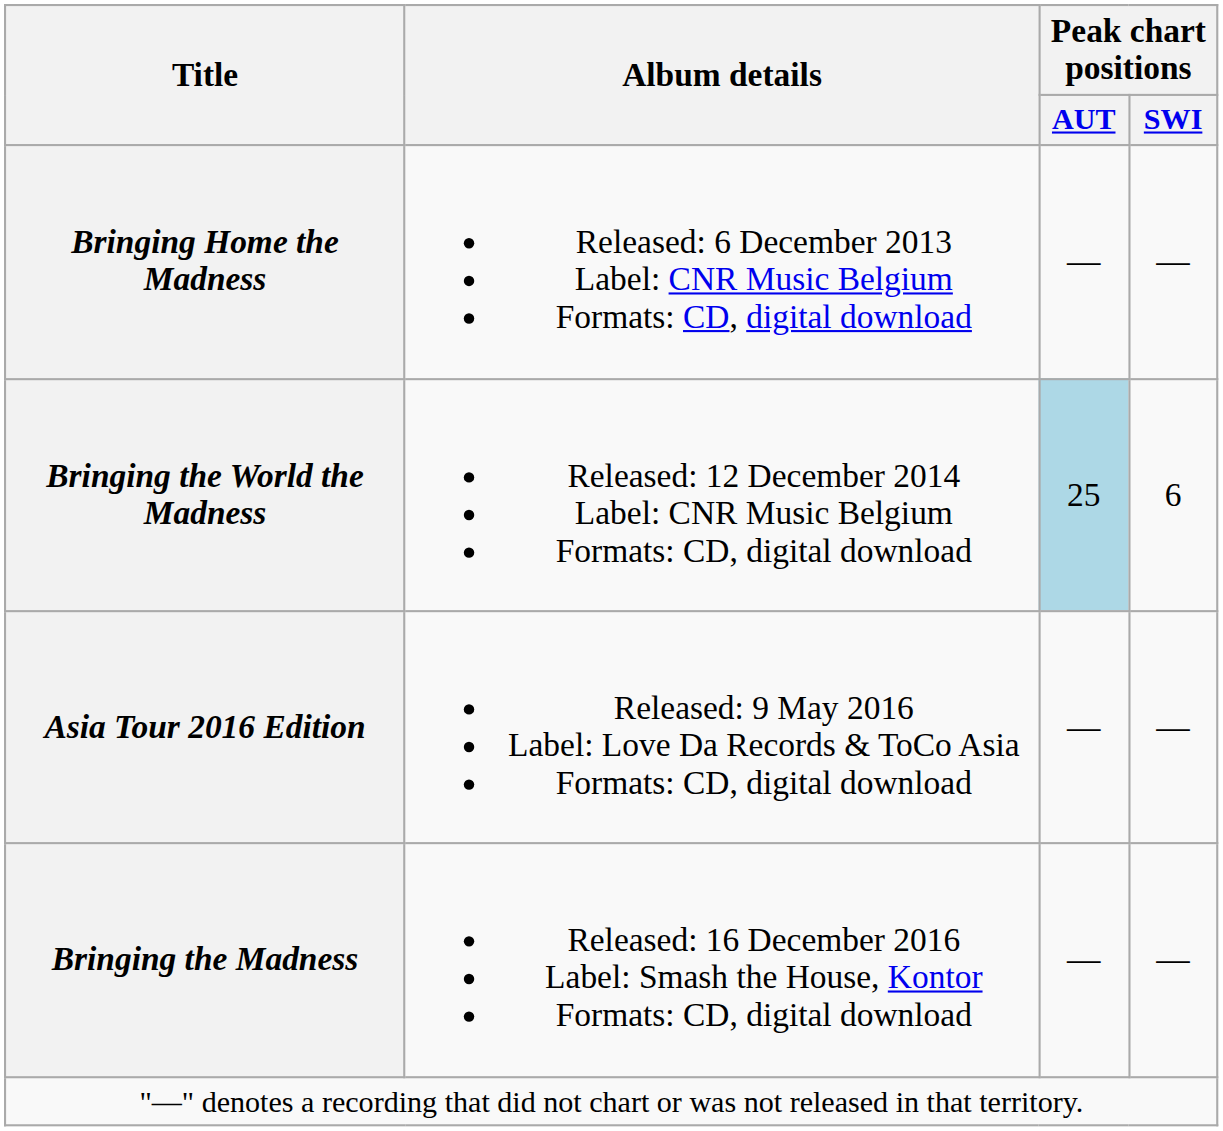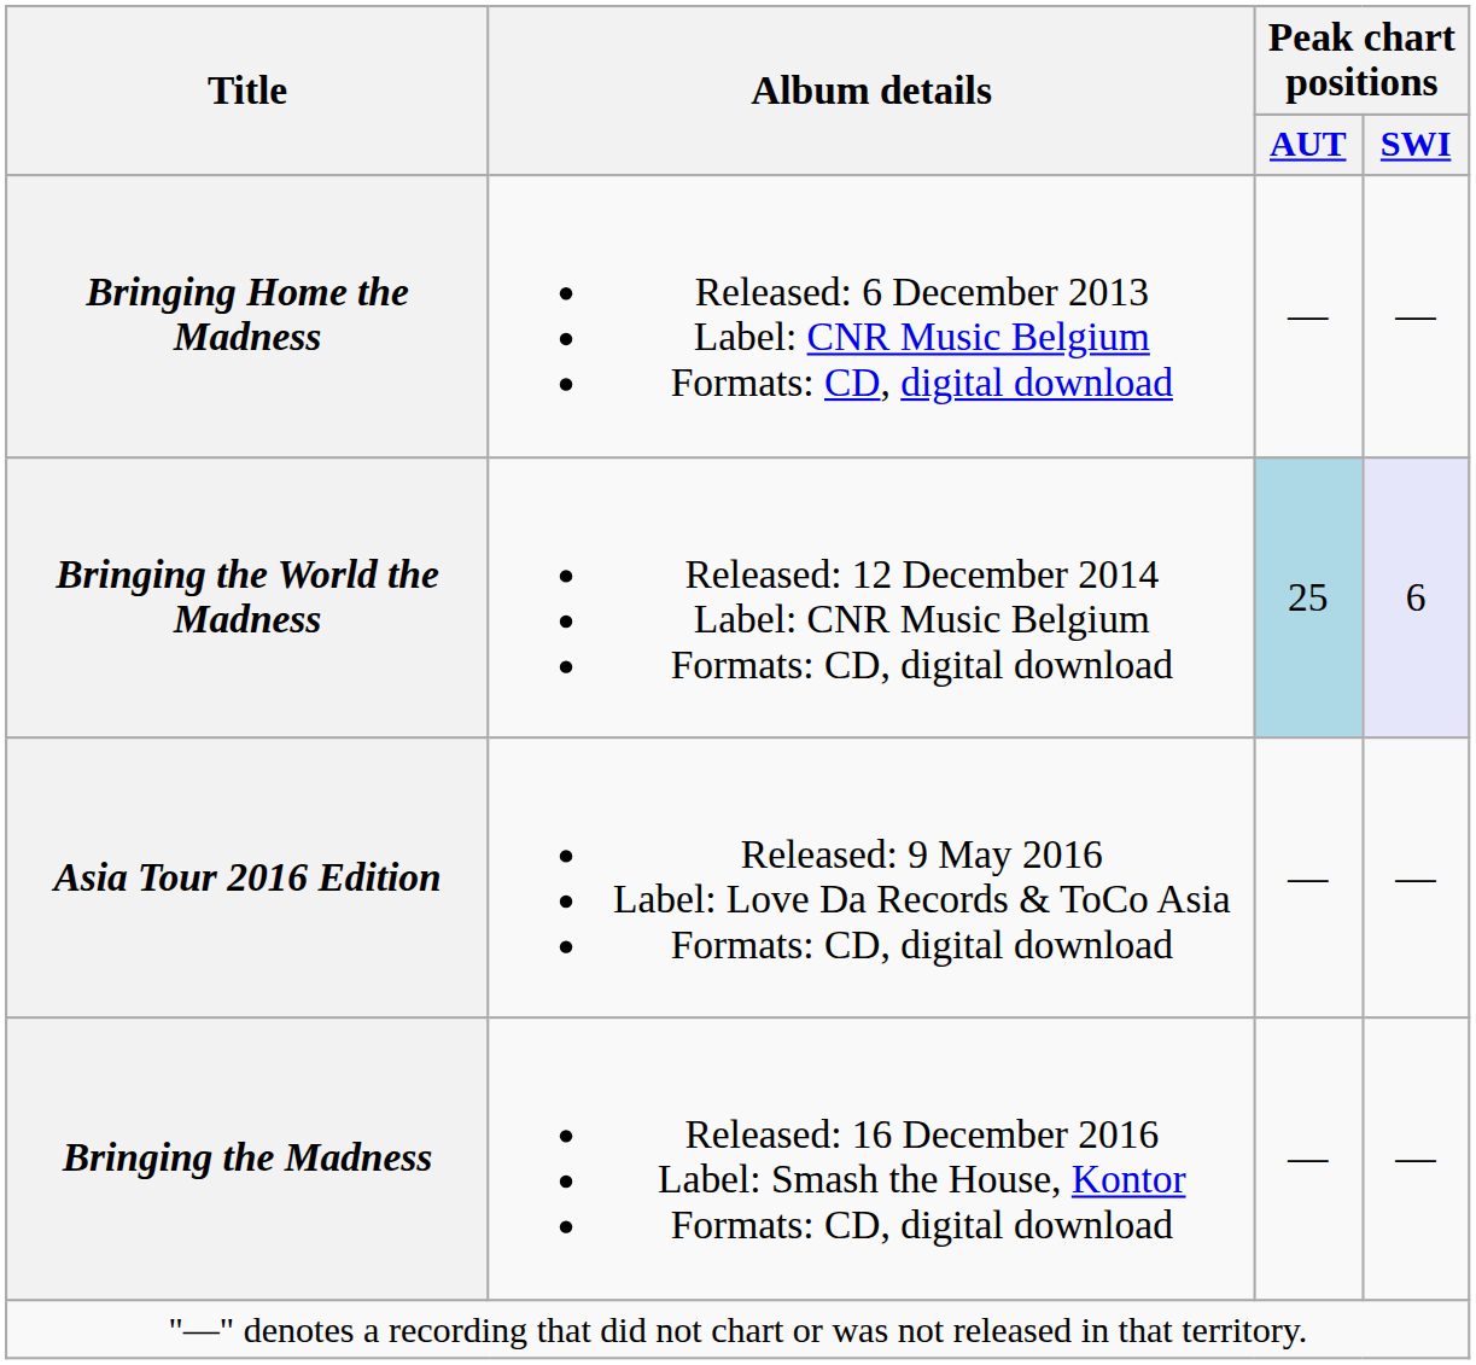 <table class="wikitable plainrowheaders" style="text-align:center;">
 <tr>
 <th scope="col" rowspan="2" style="width:11.5em;">Title</th>
 <th scope="col" rowspan="2" style="width:18.5em;">Album details</th>
 <th scope="col" colspan="2">Peak chart positions</th>
 </tr>
 <tr>
 <th scope="col" style="width:2.5em;font-size:90%;"><a href='#'>AUT</a><br></th>
 <th scope="col" style="width:2.5em;font-size:90%;"><a href='#'>SWI</a><br></th>
 </tr>
 <tr>
 <th scope="row"><em>Bringing Home the Madness</em></th>
 <td><br><ul><li>Released: 6 December 2013</li><li>Label: <a href='#'>CNR Music Belgium</a></li><li>Formats: <a href='#'>CD</a>, <a href='#'>digital download</a></li></ul></td>
 <td>—</td>
 <td>—</td>
 </tr>
 <tr>
 <th scope="row"><em>Bringing the World the Madness</em></th>
 <td><br><ul><li>Released: 12 December 2014</li><li>Label: CNR Music Belgium</li><li>Formats: CD, digital download</li></ul></td>
 <td style="background: lightblue;">25</td>
-<td>6</td>
+<td style="background: lavender;">6</td>
 </tr>
 <tr>
 <th scope="row"><em>Asia Tour 2016 Edition</em></th>
 <td><br><ul><li>Released: 9 May 2016</li><li>Label: Love Da Records & ToCo Asia</li><li>Formats: CD, digital download</li></ul></td>
 <td>—</td>
 <td>—</td>
 </tr>
 <tr>
 <th scope="row"><em>Bringing the Madness</em></th>
 <td><br><ul><li>Released: 16 December 2016</li><li>Label: Smash the House, <a href='#'>Kontor</a></li><li>Formats: CD, digital download</li></ul></td>
 <td>—</td>
 <td>—</td>
 </tr>
 <tr>
 <td colspan="6" style="font-size:90%">"—" denotes a recording that did not chart or was not released in that territory.</td>
 </tr>
 </table>
